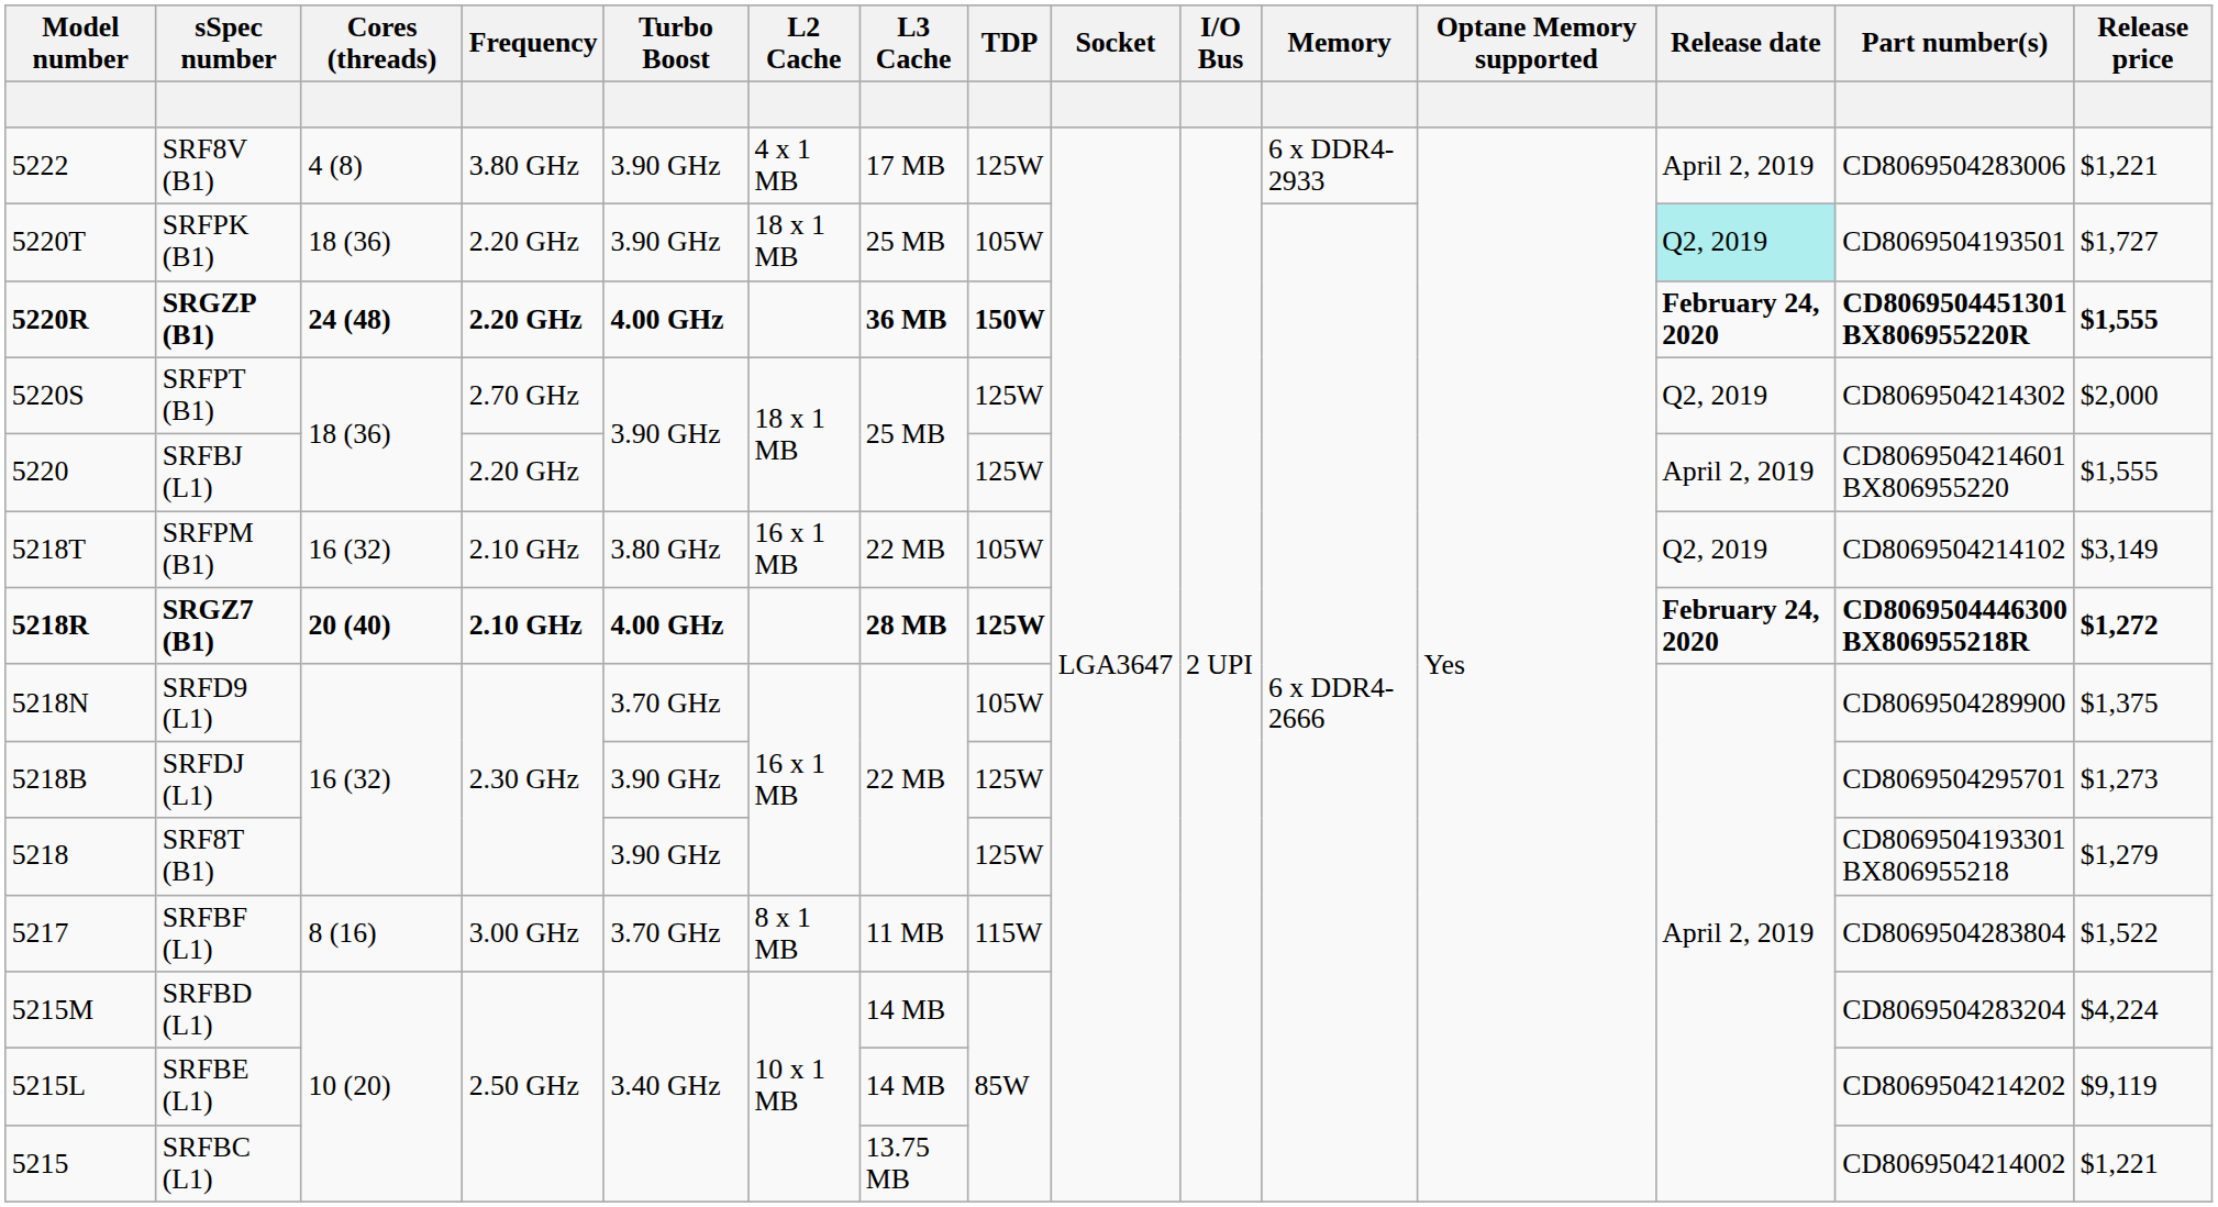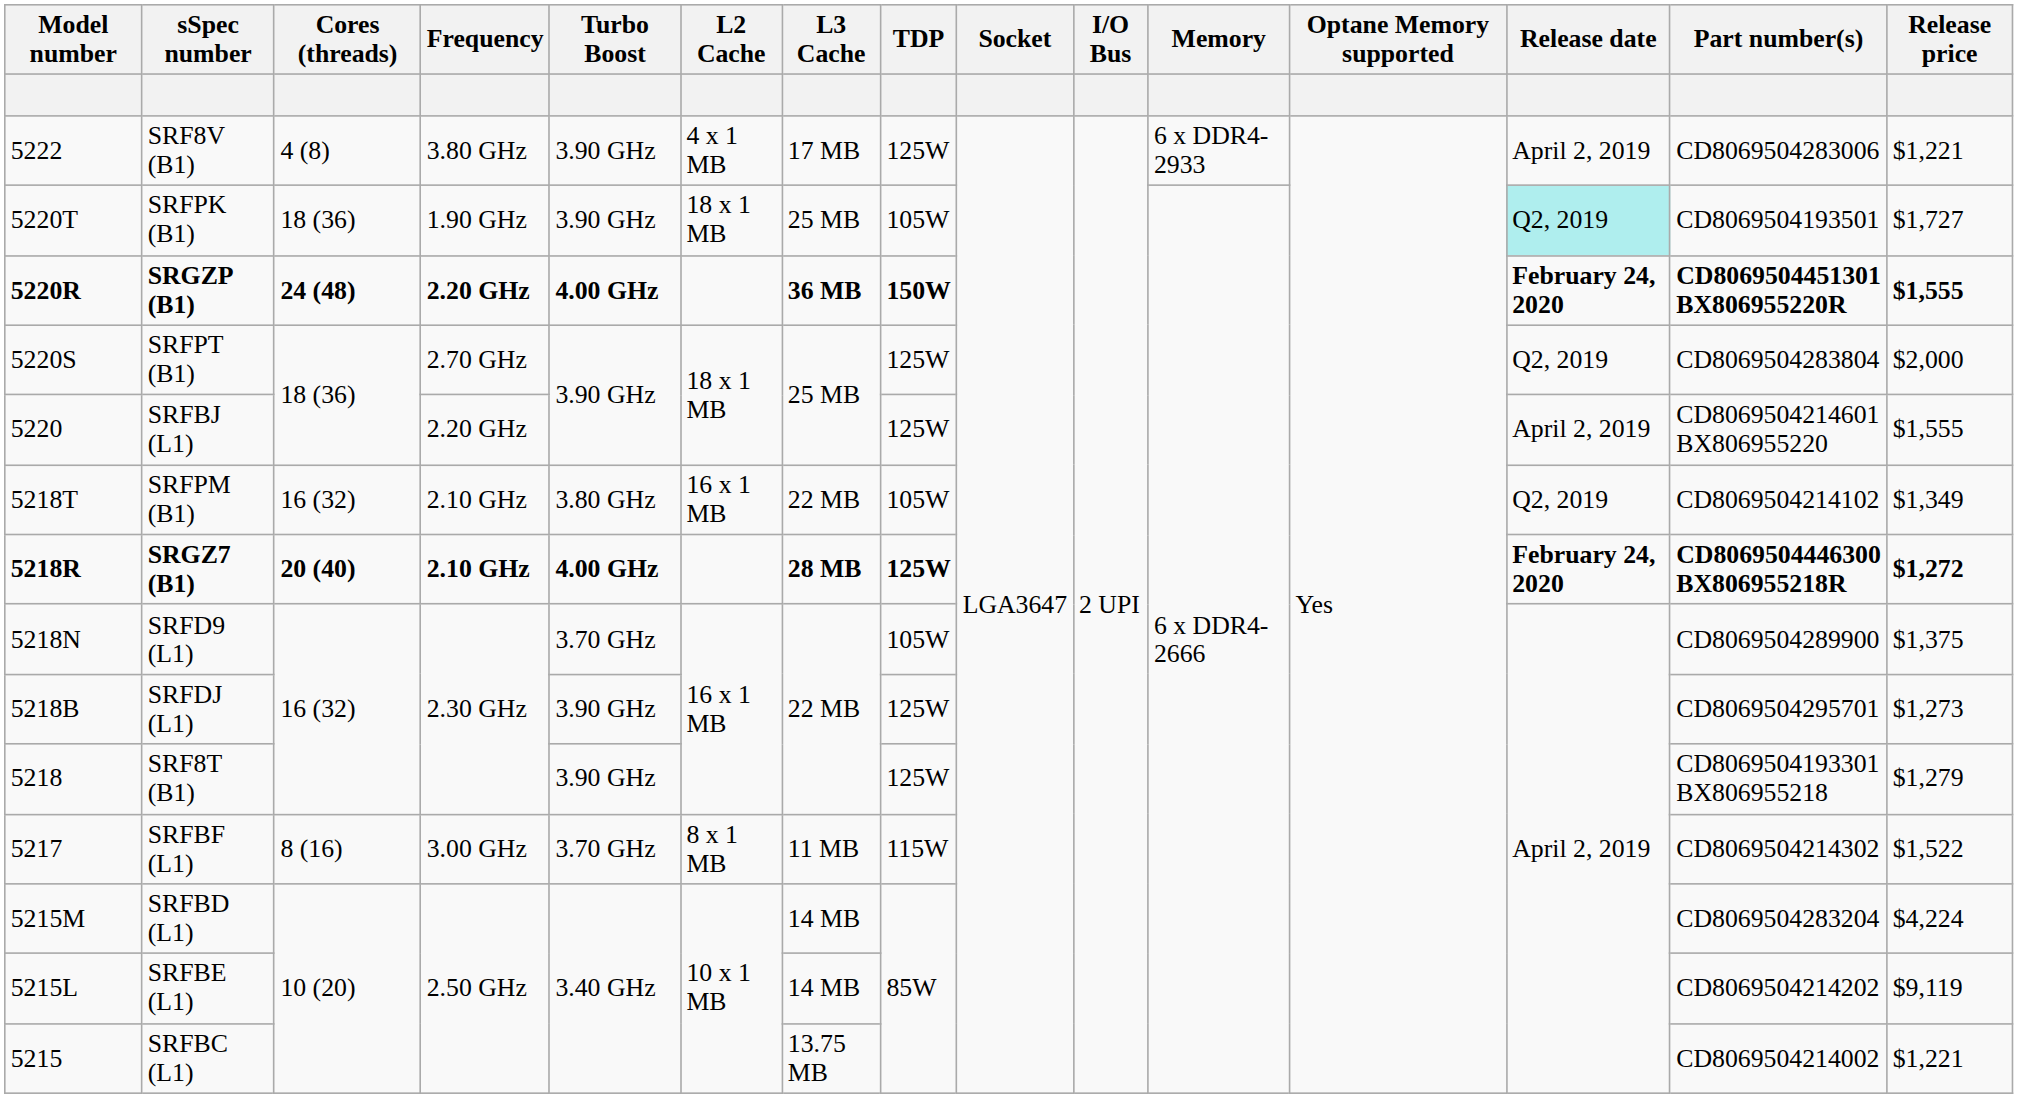 <table class="wikitable sortable hover-highlight">
 <tr>
 <th>Model number</th>
 <th>sSpec number</th>
 <th>Cores (threads)</th>
 <th>Frequency</th>
 <th>Turbo Boost</th>
 <th>L2 Cache</th>
 <th>L3 Cache</th>
 <th>TDP</th>
 <th>Socket</th>
 <th>I/O Bus</th>
 <th>Memory</th>
 <th>Optane Memory supported</th>
 <th>Release date</th>
 <th>Part number(s)</th>
 <th>Release price</th>
 </tr>
 <tr>
 <th style="background-position:center"><br></th>
 <th style="background-position:center"></th>
 <th style="background-position:center"></th>
 <th style="background-position:center"></th>
 <th style="background-position:center"></th>
 <th style="background-position:center"></th>
 <th style="background-position:center"></th>
 <th style="background-position:center"></th>
 <th style="background-position:center"></th>
 <th style="background-position:center"></th>
 <th style="background-position:center"></th>
 <th style="background-position:center"></th>
 <th style="background-position:center"></th>
 <th style="background-position:center"></th>
 <th style="background-position:center"></th>
 </tr>
 <tr>
 <td>5222</td>
 <td>SRF8V (B1)</td>
 <td>4 (8)</td>
 <td>3.80 GHz</td>
 <td>3.90 GHz</td>
 <td>4 x 1 MB</td>
 <td>17 MB</td>
 <td>125W</td>
 <td rowspan="14">LGA3647</td>
 <td rowspan="14">2 UPI</td>
 <td>6 x DDR4-2933</td>
 <td rowspan="14">Yes</td>
 <td>April 2, 2019</td>
 <td>CD8069504283006</td>
 <td>$1,221</td>
 </tr>
 <tr>
 <td>5220T</td>
 <td>SRFPK (B1)</td>
 <td>18 (36)</td>
-<td>2.20 GHz</td>
+<td>1.90 GHz</td>
 <td>3.90 GHz</td>
 <td>18 x 1 MB</td>
 <td>25 MB</td>
 <td>105W</td>
 <td rowspan="13">6 x DDR4-2666</td>
 <td style="background: paleturquoise;">Q2, 2019</td>
 <td>CD8069504193501</td>
 <td>$1,727</td>
 </tr>
 <tr>
 <td><strong>5220R</strong></td>
 <td><strong>SRGZP (B1)</strong></td>
 <td><strong>24 (48)</strong></td>
 <td><strong>2.20 GHz</strong></td>
 <td><strong>4.00 GHz</strong></td>
 <td></td>
 <td><strong>36 MB</strong></td>
 <td><strong>150W</strong></td>
 <td><strong>February 24, 2020</strong></td>
 <td><strong>CD8069504451301</strong><br><strong>BX806955220R</strong></td>
 <td><strong>$1,555</strong></td>
 </tr>
 <tr>
 <td>5220S</td>
 <td>SRFPT (B1)</td>
 <td rowspan="2">18 (36)</td>
 <td>2.70 GHz</td>
 <td rowspan="2">3.90 GHz</td>
 <td rowspan="2">18 x 1 MB</td>
 <td rowspan="2">25 MB</td>
 <td>125W</td>
 <td>Q2, 2019</td>
-<td>CD8069504214302</td>
+<td>CD8069504283804</td>
 <td>$2,000</td>
 </tr>
 <tr>
 <td>5220</td>
 <td>SRFBJ (L1)</td>
 <td>2.20 GHz</td>
 <td>125W</td>
 <td>April 2, 2019</td>
 <td>CD8069504214601<br>BX806955220</td>
 <td>$1,555</td>
 </tr>
 <tr>
 <td>5218T</td>
 <td>SRFPM (B1)</td>
 <td>16 (32)</td>
 <td>2.10 GHz</td>
 <td>3.80 GHz</td>
 <td>16 x 1 MB</td>
 <td>22 MB</td>
 <td>105W</td>
 <td>Q2, 2019</td>
 <td>CD8069504214102</td>
-<td>$3,149</td>
+<td>$1,349</td>
 </tr>
 <tr>
 <td><strong>5218R</strong></td>
 <td><strong>SRGZ7 (B1)</strong></td>
 <td><strong>20 (40)</strong></td>
 <td><strong>2.10 GHz</strong></td>
 <td><strong>4.00 GHz</strong></td>
 <td></td>
 <td><strong>28 MB</strong></td>
 <td><strong>125W</strong></td>
 <td><strong>February 24, 2020</strong></td>
 <td><strong>CD8069504446300</strong><br><strong>BX806955218R</strong></td>
 <td><strong>$1,272</strong></td>
 </tr>
 <tr>
 <td>5218N</td>
 <td>SRFD9 (L1)</td>
 <td rowspan="3">16 (32)</td>
 <td rowspan="3">2.30 GHz</td>
 <td>3.70 GHz</td>
 <td rowspan="3">16 x 1 MB</td>
 <td rowspan="3">22 MB</td>
 <td>105W</td>
 <td rowspan="7">April 2, 2019</td>
 <td>CD8069504289900</td>
 <td>$1,375</td>
 </tr>
 <tr>
 <td>5218B</td>
 <td>SRFDJ (L1)</td>
 <td>3.90 GHz</td>
 <td>125W</td>
 <td>CD8069504295701</td>
 <td>$1,273</td>
 </tr>
 <tr>
 <td>5218</td>
 <td>SRF8T (B1)</td>
 <td>3.90 GHz</td>
 <td>125W</td>
 <td>CD8069504193301<br>BX806955218</td>
 <td>$1,279</td>
 </tr>
 <tr>
 <td>5217</td>
 <td>SRFBF (L1)</td>
 <td>8 (16)</td>
 <td>3.00 GHz</td>
 <td>3.70 GHz</td>
 <td>8 x 1 MB</td>
 <td>11 MB</td>
 <td>115W</td>
-<td>CD8069504283804</td>
+<td>CD8069504214302</td>
 <td>$1,522</td>
 </tr>
 <tr>
 <td>5215M</td>
 <td>SRFBD (L1)</td>
 <td rowspan="3">10 (20)</td>
 <td rowspan="3">2.50 GHz</td>
 <td rowspan="3">3.40 GHz</td>
 <td rowspan="3">10 x 1 MB</td>
 <td>14 MB</td>
 <td rowspan="3">85W</td>
 <td>CD8069504283204</td>
 <td>$4,224</td>
 </tr>
 <tr>
 <td>5215L</td>
 <td>SRFBE (L1)</td>
 <td>14 MB</td>
 <td>CD8069504214202</td>
 <td>$9,119</td>
 </tr>
 <tr>
 <td>5215</td>
 <td>SRFBC (L1)</td>
 <td>13.75 MB</td>
 <td>CD8069504214002</td>
 <td>$1,221</td>
 </tr>
 </table>
